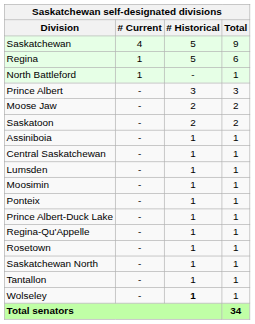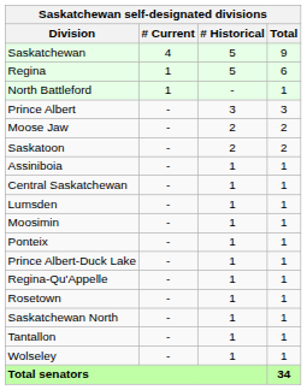 <table class="wikitable collapsible collapsed">
 <tr>
 <th colspan="4" align="center"><strong>Saskatchewan self-designated divisions</strong></th>
 </tr>
 <tr>
 <th align=left>Division</th>
 <th align=center># Current</th>
 <th align=center># Historical</th>
 <th align=center>Total</th>
 </tr>
 <tr bgcolor="#E6FFE6">
 <td align=left>Saskatchewan</td>
 <td align=center>4</td>
 <td align=center>5</td>
 <td align=center>9</td>
 </tr>
 <tr bgcolor="#E6FFE6">
 <td align=left>Regina</td>
 <td align=center>1</td>
 <td align=center>5</td>
 <td align=center>6</td>
 </tr>
 <tr bgcolor="#E6FFE6">
 <td align=left>North Battleford</td>
 <td align=center>1</td>
 <td align=center>-</td>
 <td align=center>1</td>
 </tr>
 <tr>
 <td align=left>Prince Albert</td>
 <td align=center>-</td>
 <td align=center>3</td>
 <td align=center>3</td>
 </tr>
 <tr>
 <td align=left>Moose Jaw</td>
 <td align=center>-</td>
 <td align=center>2</td>
 <td align=center>2</td>
 </tr>
 <tr>
 <td align=left>Saskatoon</td>
 <td align=center>-</td>
 <td align=center>2</td>
 <td align=center>2</td>
 </tr>
 <tr>
 <td align=left>Assiniboia</td>
 <td align=center>-</td>
 <td align=center>1</td>
 <td align=center>1</td>
 </tr>
 <tr>
 <td align=left>Central Saskatchewan</td>
 <td align=center>-</td>
 <td align=center>1</td>
 <td align=center>1</td>
 </tr>
 <tr>
 <td align=left>Lumsden</td>
 <td align=center>-</td>
 <td align=center>1</td>
 <td align=center>1</td>
 </tr>
 <tr>
 <td align=left>Moosimin</td>
 <td align=center>-</td>
 <td align=center>1</td>
 <td align=center>1</td>
 </tr>
 <tr>
 <td align=left>Ponteix</td>
 <td align=center>-</td>
 <td align=center>1</td>
 <td align=center>1</td>
 </tr>
 <tr>
 <td align=left>Prince Albert-Duck Lake</td>
 <td align=center>-</td>
 <td align=center>1</td>
 <td align=center>1</td>
 </tr>
 <tr>
 <td align=left>Regina-Qu'Appelle</td>
 <td align=center>-</td>
 <td align=center>1</td>
 <td align=center>1</td>
 </tr>
 <tr>
 <td align=left>Rosetown</td>
 <td align=center>-</td>
 <td align=center>1</td>
 <td align=center>1</td>
 </tr>
 <tr>
 <td align=left>Saskatchewan North</td>
 <td align=center>-</td>
 <td align=center>1</td>
 <td align=center>1</td>
 </tr>
 <tr>
 <td align=left>Tantallon</td>
 <td align=center>-</td>
 <td align=center>1</td>
 <td align=center>1</td>
 </tr>
 <tr>
 <td align=left>Wolseley</td>
 <td align=center>-</td>
-<td align=center><strong>1</strong></td>
+<td align=center>1</td>
 <td align=center>1</td>
 </tr>
 <tr bgcolor=#C0FFA6>
 <td align=left colspan=3><strong>Total senators</strong></td>
 <td align=center><strong>34</strong></td>
 </tr>
 </table>
